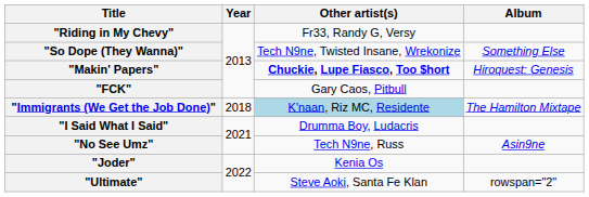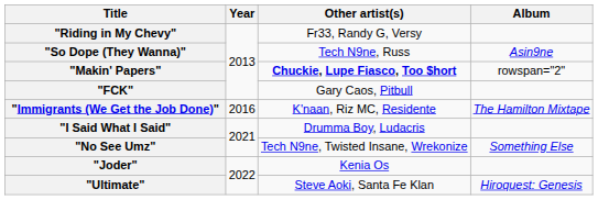 <table class="wikitable plainrowheaders" style="text-align:center;">
 <tr>
 <th scope="col" style="width:18em;">Title</th>
 <th scope="col">Year</th>
 <th scope="col">Other artist(s)</th>
 <th scope="col">Album</th>
 </tr>
 <tr>
 <th scope="row">"Riding in My Chevy"</th>
 <td rowspan="4">2013</td>
 <td>Fr33, Randy G, Versy</td>
 <td></td>
 </tr>
 <tr>
 <th scope="row">"So Dope (They Wanna)"</th>
-<td><a href='#'>Tech N9ne</a>, Twisted Insane, <a href='#'>Wrekonize</a></td>
-<td><em><a href='#'>Something Else</a></em></td>
+<td><a href='#'>Tech N9ne</a>, Russ</td>
+<td><em><a href='#'>Asin9ne</a></em></td>
 </tr>
 <tr>
 <th scope="row">"Makin' Papers"</th>
 <td><strong><a href='#'>Chuckie</a>, <a href='#'>Lupe Fiasco</a>, <a href='#'>Too $hort</a></strong></td>
-<td><em><a href='#'>Hiroquest: Genesis</a></em></td>
+<td>rowspan="2" </td>
 </tr>
 <tr>
 <th scope="row">"FCK"</th>
 <td>Gary Caos, <a href='#'>Pitbull</a></td>
 </tr>
 <tr>
 <th scope="row">"<a href='#'>Immigrants (We Get the Job Done)</a>"</th>
-<td>2018</td>
-<td style="background: lightblue;"><a href='#'>K'naan</a>, Riz MC, <a href='#'>Residente</a></td>
+<td>2016</td>
+<td><a href='#'>K'naan</a>, Riz MC, <a href='#'>Residente</a></td>
 <td><em><a href='#'>The Hamilton Mixtape</a></em></td>
 </tr>
 <tr>
 <th scope="row">"I Said What I Said"</th>
 <td rowspan="2">2021</td>
 <td><a href='#'>Drumma Boy</a>, <a href='#'>Ludacris</a></td>
 <td></td>
 </tr>
 <tr>
 <th scope="row">"No See Umz"</th>
-<td><a href='#'>Tech N9ne</a>, Russ</td>
-<td><em><a href='#'>Asin9ne</a></em></td>
+<td><a href='#'>Tech N9ne</a>, Twisted Insane, <a href='#'>Wrekonize</a></td>
+<td><em><a href='#'>Something Else</a></em></td>
 </tr>
 <tr>
 <th scope="row">"Joder"</th>
 <td rowspan="2">2022</td>
 <td><a href='#'>Kenia Os</a></td>
 <td></td>
 </tr>
 <tr>
 <th scope="row">"Ultimate"</th>
 <td><a href='#'>Steve Aoki</a>, Santa Fe Klan</td>
-<td>rowspan="2" </td>
+<td><em><a href='#'>Hiroquest: Genesis</a></em></td>
 </tr>
 </table>
